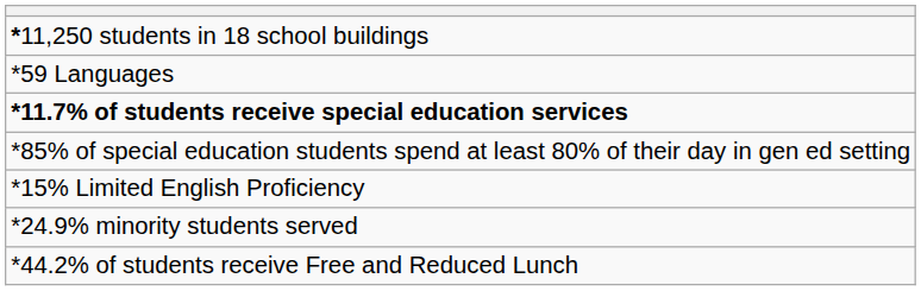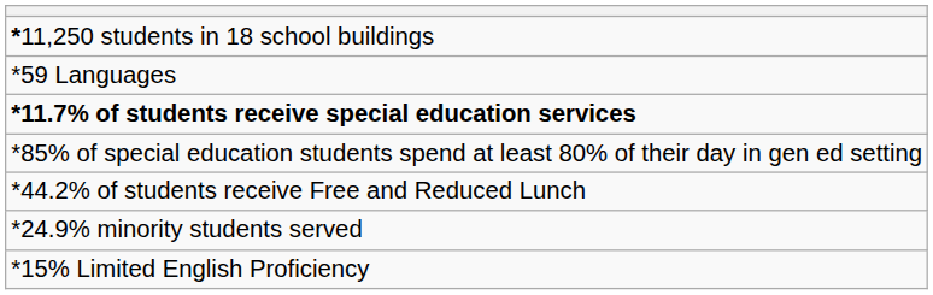 <table class="wikitable">
 <tr>
 <th></th>
 </tr>
 <tr>
 <td><strong>*</strong>11,250 students in 18 school buildings</td>
 </tr>
 <tr>
 <td>*59 Languages</td>
 </tr>
 <tr>
 <td><strong>*11.7% of students receive special education services</strong></td>
 </tr>
 <tr>
 <td>*85% of special education students spend at least 80% of their day in gen ed setting</td>
 </tr>
 <tr>
-<td>*15% Limited English Proficiency</td>
+<td>*44.2% of students receive Free and Reduced Lunch</td>
 </tr>
 <tr>
 <td>*24.9% minority students served</td>
 </tr>
 <tr>
-<td>*44.2% of students receive Free and Reduced Lunch</td>
+<td>*15% Limited English Proficiency</td>
 </tr>
 </table>
